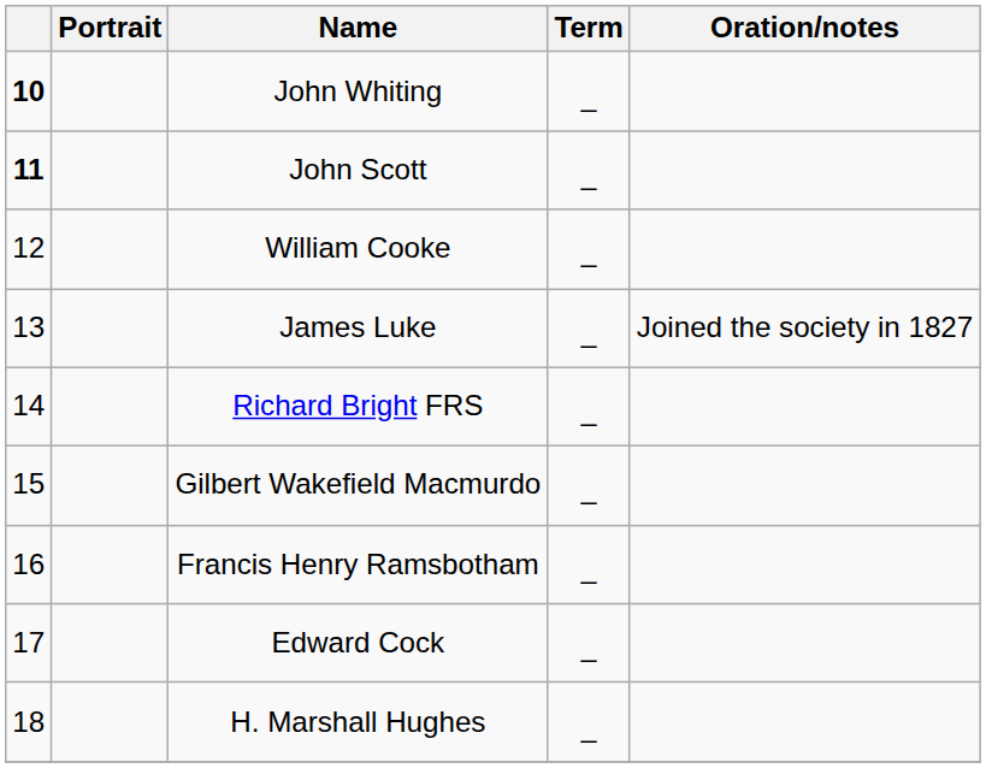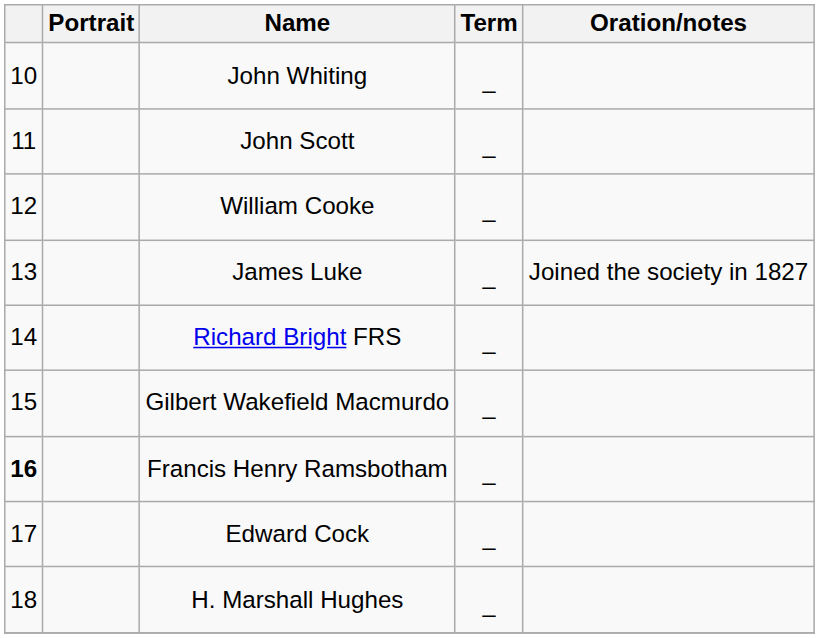 <table class="wikitable sortable sticky-header" style=text-align:center;>
 <tr>
 <th></th>
 <th>Portrait</th>
 <th>Name<br></th>
 <th>Term</th>
 <th>Oration/notes</th>
 </tr>
 <tr>
-<td><strong>10</strong></td>
+<td>10</td>
 <td></td>
 <td>John Whiting</td>
 <td><br>–<br></td>
 <td></td>
 </tr>
 <tr>
-<td><strong>11</strong></td>
+<td>11</td>
 <td></td>
 <td>John Scott</td>
 <td><br>–<br></td>
 <td></td>
 </tr>
 <tr>
 <td>12</td>
 <td></td>
 <td>William Cooke</td>
 <td><br>–<br></td>
 <td></td>
 </tr>
 <tr>
 <td>13</td>
 <td></td>
 <td>James Luke</td>
 <td><br>–<br></td>
 <td>Joined the society in 1827</td>
 </tr>
 <tr>
 <td>14</td>
 <td></td>
 <td><a href='#'>Richard Bright</a> FRS</td>
 <td><br>–<br></td>
 <td></td>
 </tr>
 <tr>
 <td>15</td>
 <td></td>
 <td>Gilbert Wakefield Macmurdo</td>
 <td><br>–<br></td>
 <td></td>
 </tr>
 <tr>
-<td>16</td>
+<td><strong>16</strong></td>
 <td></td>
 <td>Francis Henry Ramsbotham</td>
 <td><br>–<br></td>
 <td></td>
 </tr>
 <tr>
 <td>17</td>
 <td></td>
 <td>Edward Cock</td>
 <td><br>–<br></td>
 <td></td>
 </tr>
 <tr>
 <td>18</td>
 <td></td>
 <td>H. Marshall Hughes</td>
 <td><br>–<br></td>
 <td></td>
 </tr>
 <tr>
 </tr>
 </table>
